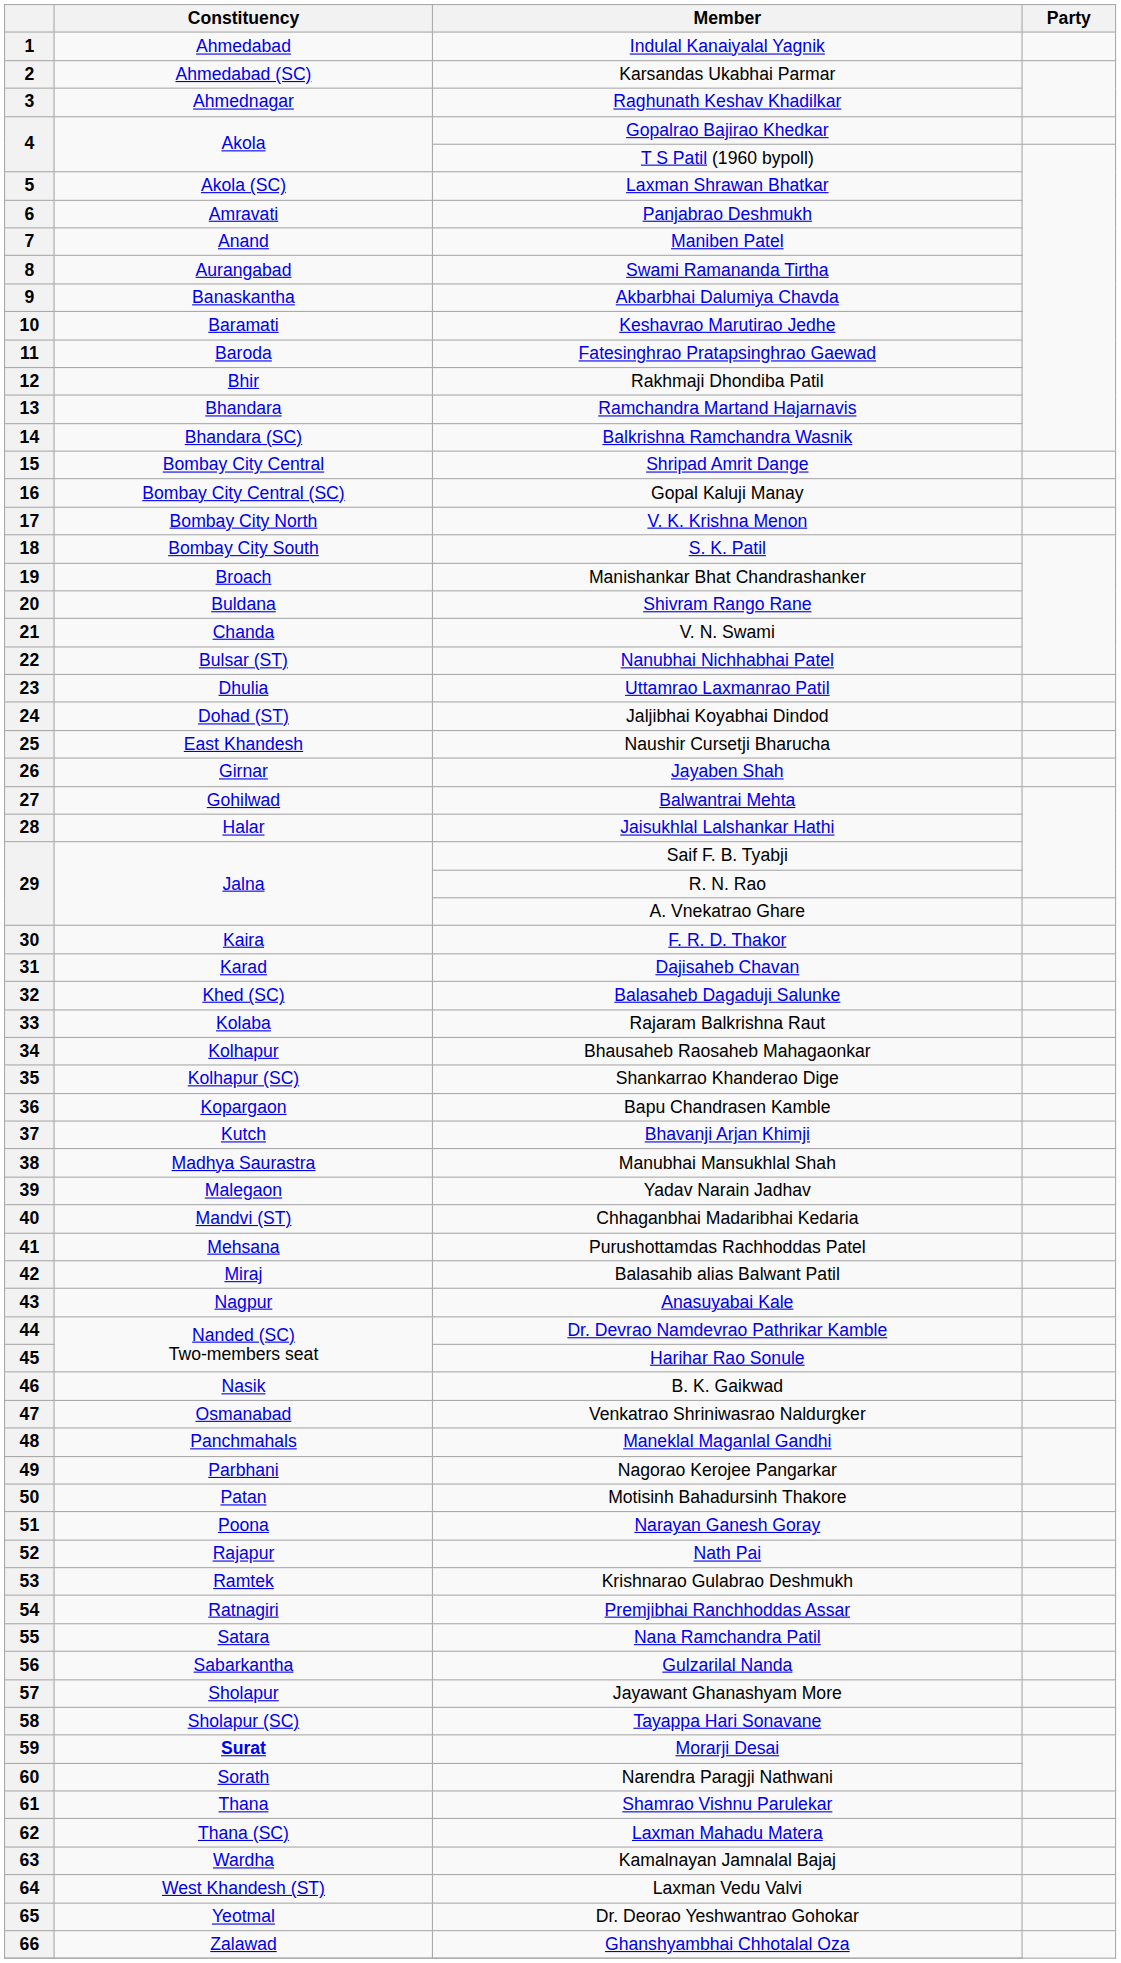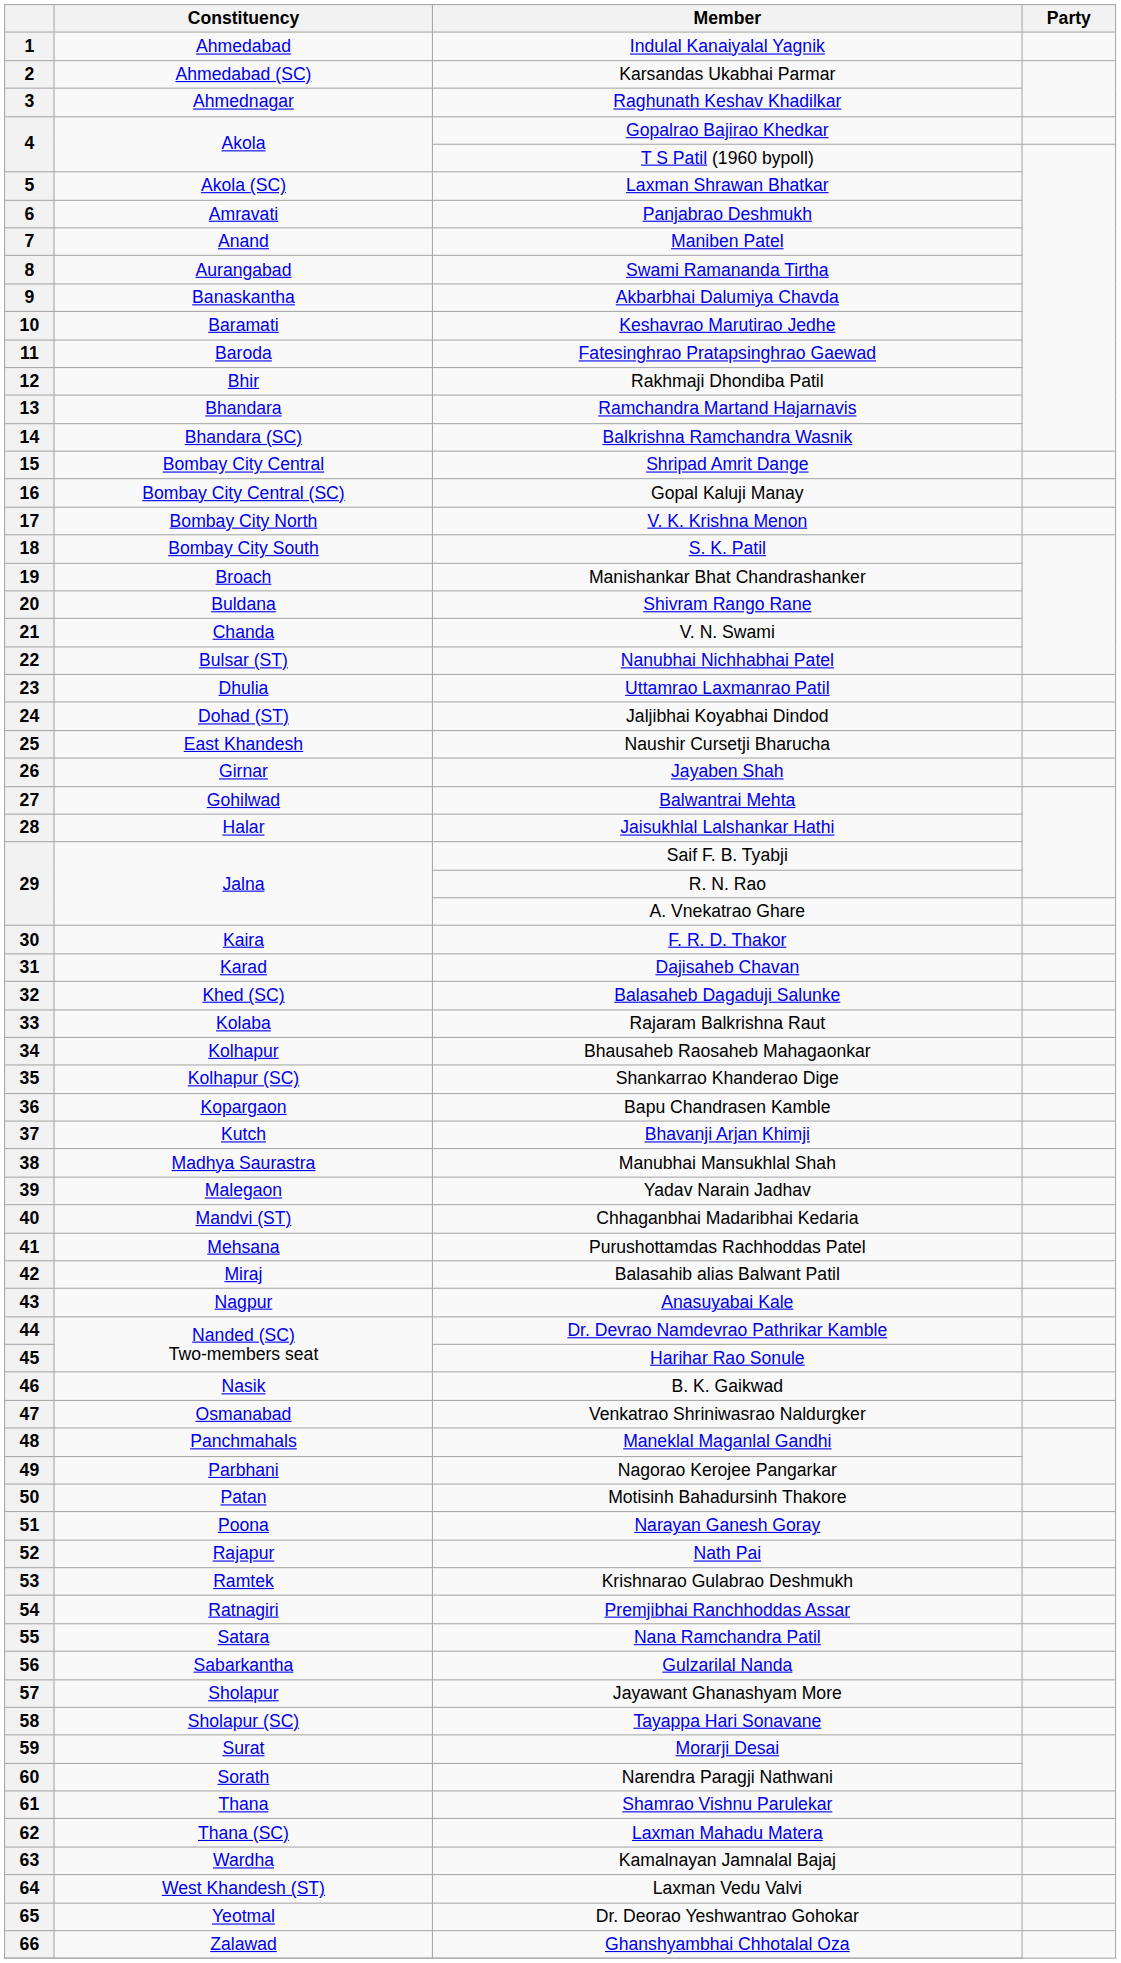 <table class="wikitable sortable" style="width:80%; text-align:center">
 <tr>
 <th></th>
 <th>Constituency</th>
 <th>Member</th>
 <th colspan="2" scope="col">Party</th>
 </tr>
 <tr>
 <th>1</th>
 <td><a href='#'>Ahmedabad</a></td>
 <td><a href='#'>Indulal Kanaiyalal Yagnik</a></td>
 <td></td>
 </tr>
 <tr>
 <th>2</th>
 <td><a href='#'>Ahmedabad (SC)</a></td>
 <td>Karsandas Ukabhai Parmar</td>
 </tr>
 <tr>
 <th>3</th>
 <td><a href='#'>Ahmednagar</a></td>
 <td><a href='#'>Raghunath Keshav Khadilkar</a></td>
 </tr>
 <tr>
 <th rowspan = "2">4</th>
 <td rowspan = "2"><a href='#'>Akola</a></td>
 <td><a href='#'>Gopalrao Bajirao Khedkar</a></td>
 <td></td>
 </tr>
 <tr>
 <td><a href='#'>T S Patil</a>  (1960 bypoll)</td>
 </tr>
 <tr>
 <th>5</th>
 <td><a href='#'>Akola (SC)</a></td>
 <td><a href='#'>Laxman Shrawan Bhatkar</a></td>
 </tr>
 <tr>
 <th>6</th>
 <td><a href='#'>Amravati</a></td>
 <td><a href='#'>Panjabrao Deshmukh</a></td>
 </tr>
 <tr>
 <th>7</th>
 <td><a href='#'>Anand</a></td>
 <td><a href='#'>Maniben Patel</a></td>
 </tr>
 <tr>
 <th>8</th>
 <td><a href='#'>Aurangabad</a></td>
 <td><a href='#'>Swami Ramananda Tirtha</a></td>
 </tr>
 <tr>
 <th>9</th>
 <td><a href='#'>Banaskantha</a></td>
 <td><a href='#'>Akbarbhai Dalumiya Chavda</a></td>
 </tr>
 <tr>
 <th>10</th>
 <td><a href='#'>Baramati</a></td>
 <td><a href='#'>Keshavrao Marutirao Jedhe</a></td>
 </tr>
 <tr>
 <th>11</th>
 <td><a href='#'>Baroda</a></td>
 <td><a href='#'>Fatesinghrao Pratapsinghrao Gaewad</a></td>
 </tr>
 <tr>
 <th>12</th>
 <td><a href='#'>Bhir</a></td>
 <td>Rakhmaji Dhondiba Patil</td>
 </tr>
 <tr>
 <th>13</th>
 <td><a href='#'>Bhandara</a></td>
 <td><a href='#'>Ramchandra Martand Hajarnavis</a></td>
 </tr>
 <tr>
 <th>14</th>
 <td><a href='#'>Bhandara (SC)</a></td>
 <td><a href='#'>Balkrishna Ramchandra Wasnik</a></td>
 </tr>
 <tr>
 <th>15</th>
 <td><a href='#'>Bombay City Central</a></td>
 <td><a href='#'>Shripad Amrit Dange</a></td>
 <td></td>
 </tr>
 <tr>
 <th>16</th>
 <td><a href='#'>Bombay City Central (SC)</a></td>
 <td>Gopal Kaluji Manay</td>
 <td></td>
 </tr>
 <tr>
 <th>17</th>
 <td><a href='#'>Bombay City North</a></td>
 <td><a href='#'>V. K. Krishna Menon</a></td>
 <td></td>
 </tr>
 <tr>
 <th>18</th>
 <td><a href='#'>Bombay City South</a></td>
 <td><a href='#'>S. K. Patil</a></td>
 </tr>
 <tr>
 <th>19</th>
 <td><a href='#'>Broach</a></td>
 <td>Manishankar Bhat Chandrashanker</td>
 </tr>
 <tr>
 <th>20</th>
 <td><a href='#'>Buldana</a></td>
 <td><a href='#'>Shivram Rango Rane</a></td>
 </tr>
 <tr>
 <th>21</th>
 <td><a href='#'>Chanda</a></td>
 <td>V. N. Swami</td>
 </tr>
 <tr>
 <th>22</th>
 <td><a href='#'>Bulsar (ST)</a></td>
 <td><a href='#'>Nanubhai Nichhabhai Patel</a></td>
 </tr>
 <tr>
 <th>23</th>
 <td><a href='#'>Dhulia</a></td>
 <td><a href='#'>Uttamrao Laxmanrao Patil</a></td>
 <td></td>
 </tr>
 <tr>
 <th>24</th>
 <td><a href='#'>Dohad (ST)</a></td>
 <td>Jaljibhai Koyabhai Dindod</td>
 <td></td>
 </tr>
 <tr>
 <th>25</th>
 <td><a href='#'>East Khandesh</a></td>
 <td>Naushir Cursetji Bharucha</td>
 <td></td>
 </tr>
 <tr>
 <th>26</th>
 <td><a href='#'>Girnar</a></td>
 <td><a href='#'>Jayaben Shah</a></td>
 <td></td>
 </tr>
 <tr>
 <th>27</th>
 <td><a href='#'>Gohilwad</a></td>
 <td><a href='#'>Balwantrai Mehta</a></td>
 </tr>
 <tr>
 <th>28</th>
 <td><a href='#'>Halar</a></td>
 <td><a href='#'>Jaisukhlal Lalshankar Hathi</a></td>
 </tr>
 <tr>
 <th rowspan=3>29</th>
 <td rowspan=3><a href='#'>Jalna</a></td>
 <td>Saif F. B. Tyabji</td>
 </tr>
 <tr>
 <td>R. N. Rao</td>
 </tr>
 <tr>
 <td>A. Vnekatrao Ghare</td>
 <td></td>
 </tr>
 <tr>
 <th>30</th>
 <td><a href='#'>Kaira</a></td>
 <td><a href='#'>F. R. D. Thakor</a></td>
 <td></td>
 </tr>
 <tr>
 <th>31</th>
 <td><a href='#'>Karad</a></td>
 <td><a href='#'>Dajisaheb Chavan</a></td>
 <td></td>
 </tr>
 <tr>
 <th>32</th>
 <td><a href='#'>Khed (SC)</a></td>
 <td><a href='#'>Balasaheb Dagaduji Salunke</a></td>
 <td></td>
 </tr>
 <tr>
 <th>33</th>
 <td><a href='#'>Kolaba</a></td>
 <td>Rajaram Balkrishna Raut</td>
 <td></td>
 </tr>
 <tr>
 <th>34</th>
 <td><a href='#'>Kolhapur</a></td>
 <td>Bhausaheb Raosaheb Mahagaonkar</td>
 </tr>
 <tr>
 <th>35</th>
 <td><a href='#'>Kolhapur (SC)</a></td>
 <td>Shankarrao Khanderao Dige</td>
 <td></td>
 </tr>
 <tr>
 <th>36</th>
 <td><a href='#'>Kopargaon</a></td>
 <td>Bapu Chandrasen Kamble</td>
 <td></td>
 </tr>
 <tr>
 <th>37</th>
 <td><a href='#'>Kutch</a></td>
 <td><a href='#'>Bhavanji Arjan Khimji</a></td>
 <td></td>
 </tr>
 <tr>
 <th>38</th>
 <td><a href='#'>Madhya Saurastra</a></td>
 <td>Manubhai Mansukhlal Shah</td>
 </tr>
 <tr>
 <th>39</th>
 <td><a href='#'>Malegaon</a></td>
 <td>Yadav Narain Jadhav</td>
 <td></td>
 </tr>
 <tr>
 <th>40</th>
 <td><a href='#'>Mandvi (ST)</a></td>
 <td>Chhaganbhai Madaribhai Kedaria</td>
 <td></td>
 </tr>
 <tr>
 <th>41</th>
 <td><a href='#'>Mehsana</a></td>
 <td>Purushottamdas Rachhoddas Patel</td>
 <td></td>
 </tr>
 <tr>
 <th>42</th>
 <td><a href='#'>Miraj</a></td>
 <td>Balasahib alias Balwant Patil</td>
 <td></td>
 </tr>
 <tr>
 <th>43</th>
 <td><a href='#'>Nagpur</a></td>
 <td><a href='#'>Anasuyabai Kale</a></td>
 <td></td>
 </tr>
 <tr>
 <th>44</th>
 <td rowspan=2><a href='#'>Nanded (SC)</a><br> Two-members seat</td>
 <td><a href='#'>Dr. Devrao Namdevrao Pathrikar Kamble</a></td>
 </tr>
 <tr>
 <th>45</th>
 <td><a href='#'>Harihar Rao Sonule</a></td>
 <td></td>
 </tr>
 <tr>
 <th>46</th>
 <td><a href='#'>Nasik</a></td>
 <td>B. K. Gaikwad</td>
 </tr>
 <tr>
 <th>47</th>
 <td><a href='#'>Osmanabad</a></td>
 <td>Venkatrao Shriniwasrao Naldurgker</td>
 <td></td>
 </tr>
 <tr>
 <th>48</th>
 <td><a href='#'>Panchmahals</a></td>
 <td><a href='#'>Maneklal Maganlal Gandhi</a></td>
 </tr>
 <tr>
 <th>49</th>
 <td><a href='#'>Parbhani</a></td>
 <td>Nagorao Kerojee Pangarkar</td>
 </tr>
 <tr>
 <th>50</th>
 <td><a href='#'>Patan</a></td>
 <td>Motisinh Bahadursinh Thakore</td>
 <td></td>
 </tr>
 <tr>
 <th>51</th>
 <td><a href='#'>Poona</a></td>
 <td><a href='#'>Narayan Ganesh Goray</a></td>
 <td></td>
 </tr>
 <tr>
 <th>52</th>
 <td><a href='#'>Rajapur</a></td>
 <td><a href='#'>Nath Pai</a></td>
 </tr>
 <tr>
 <th>53</th>
 <td><a href='#'>Ramtek</a></td>
 <td>Krishnarao Gulabrao Deshmukh</td>
 <td></td>
 </tr>
 <tr>
 <th>54</th>
 <td><a href='#'>Ratnagiri</a></td>
 <td><a href='#'>Premjibhai Ranchhoddas Assar</a></td>
 <td></td>
 </tr>
 <tr>
 <th>55</th>
 <td><a href='#'>Satara</a></td>
 <td><a href='#'>Nana Ramchandra Patil</a></td>
 <td></td>
 </tr>
 <tr>
 <th>56</th>
 <td><a href='#'>Sabarkantha</a></td>
 <td><a href='#'>Gulzarilal Nanda</a></td>
 <td></td>
 </tr>
 <tr>
 <th>57</th>
 <td><a href='#'>Sholapur</a></td>
 <td>Jayawant Ghanashyam More</td>
 <td></td>
 </tr>
 <tr>
 <th>58</th>
 <td><a href='#'>Sholapur (SC)</a></td>
 <td><a href='#'>Tayappa Hari Sonavane</a></td>
 <td></td>
 </tr>
 <tr>
 <th>59</th>
-<td><strong><a href='#'>Surat</a></strong></td>
+<td><a href='#'>Surat</a></td>
 <td><a href='#'>Morarji Desai</a></td>
 </tr>
 <tr>
 <th>60</th>
 <td><a href='#'>Sorath</a></td>
 <td>Narendra Paragji Nathwani</td>
 </tr>
 <tr>
 <th>61</th>
 <td><a href='#'>Thana</a></td>
 <td><a href='#'>Shamrao Vishnu Parulekar</a></td>
 <td></td>
 </tr>
 <tr>
 <th>62</th>
 <td><a href='#'>Thana (SC)</a></td>
 <td><a href='#'>Laxman Mahadu Matera</a></td>
 </tr>
 <tr>
 <th>63</th>
 <td><a href='#'>Wardha</a></td>
 <td>Kamalnayan Jamnalal Bajaj</td>
 <td></td>
 </tr>
 <tr>
 <th>64</th>
 <td><a href='#'>West Khandesh (ST)</a></td>
 <td>Laxman Vedu Valvi</td>
 <td></td>
 </tr>
 <tr>
 <th>65</th>
 <td><a href='#'>Yeotmal</a></td>
 <td>Dr. Deorao Yeshwantrao Gohokar</td>
 <td></td>
 </tr>
 <tr>
 <th>66</th>
 <td><a href='#'>Zalawad</a></td>
 <td><a href='#'>Ghanshyambhai Chhotalal Oza</a></td>
 </tr>
 <tr>
 </tr>
 </table>
